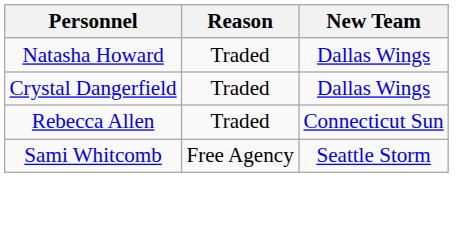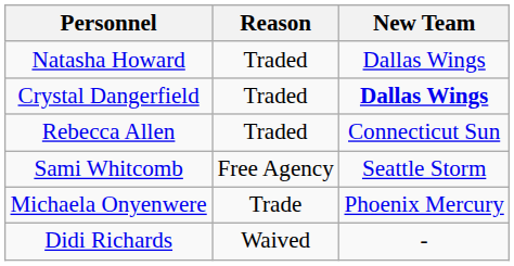 <table class="wikitable" style="text-align: center">
 <tr align="center"  bgcolor="#dddddd">
 <th><strong>Personnel</strong></th>
 <th><strong>Reason</strong></th>
 <th><strong>New Team</strong></th>
 </tr>
 <tr>
 <td><a href='#'>Natasha Howard</a></td>
 <td>Traded</td>
 <td><a href='#'>Dallas Wings</a></td>
 </tr>
 <tr>
 <td><a href='#'>Crystal Dangerfield</a></td>
 <td>Traded</td>
-<td><a href='#'>Dallas Wings</a></td>
+<td><strong><a href='#'>Dallas Wings</a></strong></td>
 </tr>
 <tr>
 <td><a href='#'>Rebecca Allen</a></td>
 <td>Traded</td>
 <td><a href='#'>Connecticut Sun</a></td>
 </tr>
 <tr>
 <td><a href='#'>Sami Whitcomb</a></td>
 <td>Free Agency</td>
 <td><a href='#'>Seattle Storm</a></td>
 </tr>
+<tr>
+<td><a href='#'>Michaela Onyenwere</a></td>
+<td>Trade</td>
+<td><a href='#'>Phoenix Mercury</a></td>
+</tr>
+<tr>
+<td><a href='#'>Didi Richards</a></td>
+<td>Waived</td>
+<td>-</td>
+</tr>
 </table>
